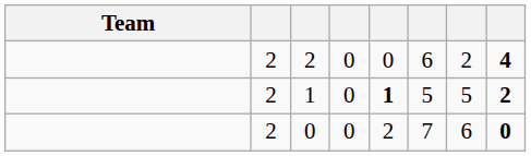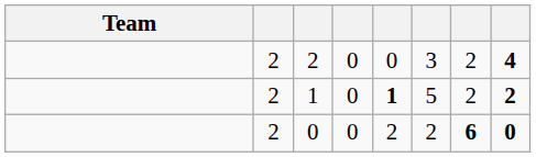 <table class="wikitable" style="text-align:center;">
 <tr>
 <th width=165>Team</th>
 <th width=20></th>
 <th width=20></th>
 <th width=20></th>
 <th width=20></th>
 <th width=20></th>
 <th width=20></th>
 <th width=20></th>
 </tr>
 <tr>
 <td align="left"></td>
 <td>2</td>
 <td>2</td>
 <td>0</td>
 <td>0</td>
-<td>6</td>
+<td>3</td>
 <td>2</td>
 <td><strong>4</strong></td>
 </tr>
 <tr>
 <td align="left"></td>
 <td>2</td>
 <td>1</td>
 <td>0</td>
 <td><strong>1</strong></td>
 <td>5</td>
-<td>5</td>
+<td>2</td>
 <td><strong>2</strong></td>
 </tr>
 <tr>
 <td align="left"></td>
 <td>2</td>
 <td>0</td>
 <td>0</td>
 <td>2</td>
-<td>7</td>
-<td>6</td>
+<td>2</td>
+<td><strong>6</strong></td>
 <td><strong>0</strong></td>
 </tr>
 </table>
